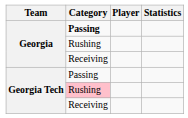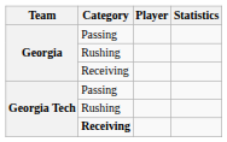 <table class="wikitable" style="float:right">
 <tr>
 <th>Team</th>
 <th>Category</th>
 <th>Player</th>
 <th>Statistics</th>
 </tr>
 <tr>
 <th rowspan=3>Georgia</th>
-<td><strong>Passing</strong></td>
+<td>Passing</td>
 <td></td>
 <td></td>
 </tr>
 <tr>
 <td>Rushing</td>
 <td></td>
 <td></td>
 </tr>
 <tr>
 <td>Receiving</td>
 <td></td>
 <td></td>
 </tr>
 <tr>
 <th rowspan=3>Georgia Tech</th>
 <td>Passing</td>
 <td></td>
 <td></td>
 </tr>
 <tr>
-<td style="background: pink;">Rushing</td>
+<td>Rushing</td>
 <td></td>
 <td></td>
 </tr>
 <tr>
-<td>Receiving</td>
+<td><strong>Receiving</strong></td>
 <td></td>
 <td></td>
 </tr>
 </table>
